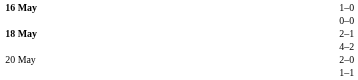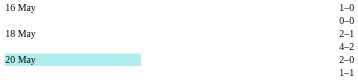 <table cellspacing=1 width=70%>
 <tr>
 <th width=25%></th>
 <th width=30%></th>
 <th width=15%></th>
 <th width=30%></th>
 </tr>
 <tr>
-<td><strong>16 May</strong></td>
+<td>16 May</td>
 <td align=right></td>
 <td align=center>1–0</td>
 <td></td>
 </tr>
 <tr>
 <td></td>
 <td align=right></td>
 <td align=center>0–0</td>
 <td></td>
 </tr>
 <tr>
-<td><strong>18 May</strong></td>
+<td>18 May</td>
 <td align=right></td>
 <td align=center>2–1</td>
 <td></td>
 </tr>
 <tr>
 <td></td>
 <td align=right></td>
 <td align=center>4–2</td>
 <td></td>
 </tr>
 <tr>
-<td>20 May</td>
+<td style="background: paleturquoise;">20 May</td>
 <td align=right></td>
 <td align=center>2–0</td>
 <td></td>
 </tr>
 <tr>
 <td></td>
 <td align=right></td>
 <td align=center>1–1</td>
 <td></td>
 </tr>
 </table>
